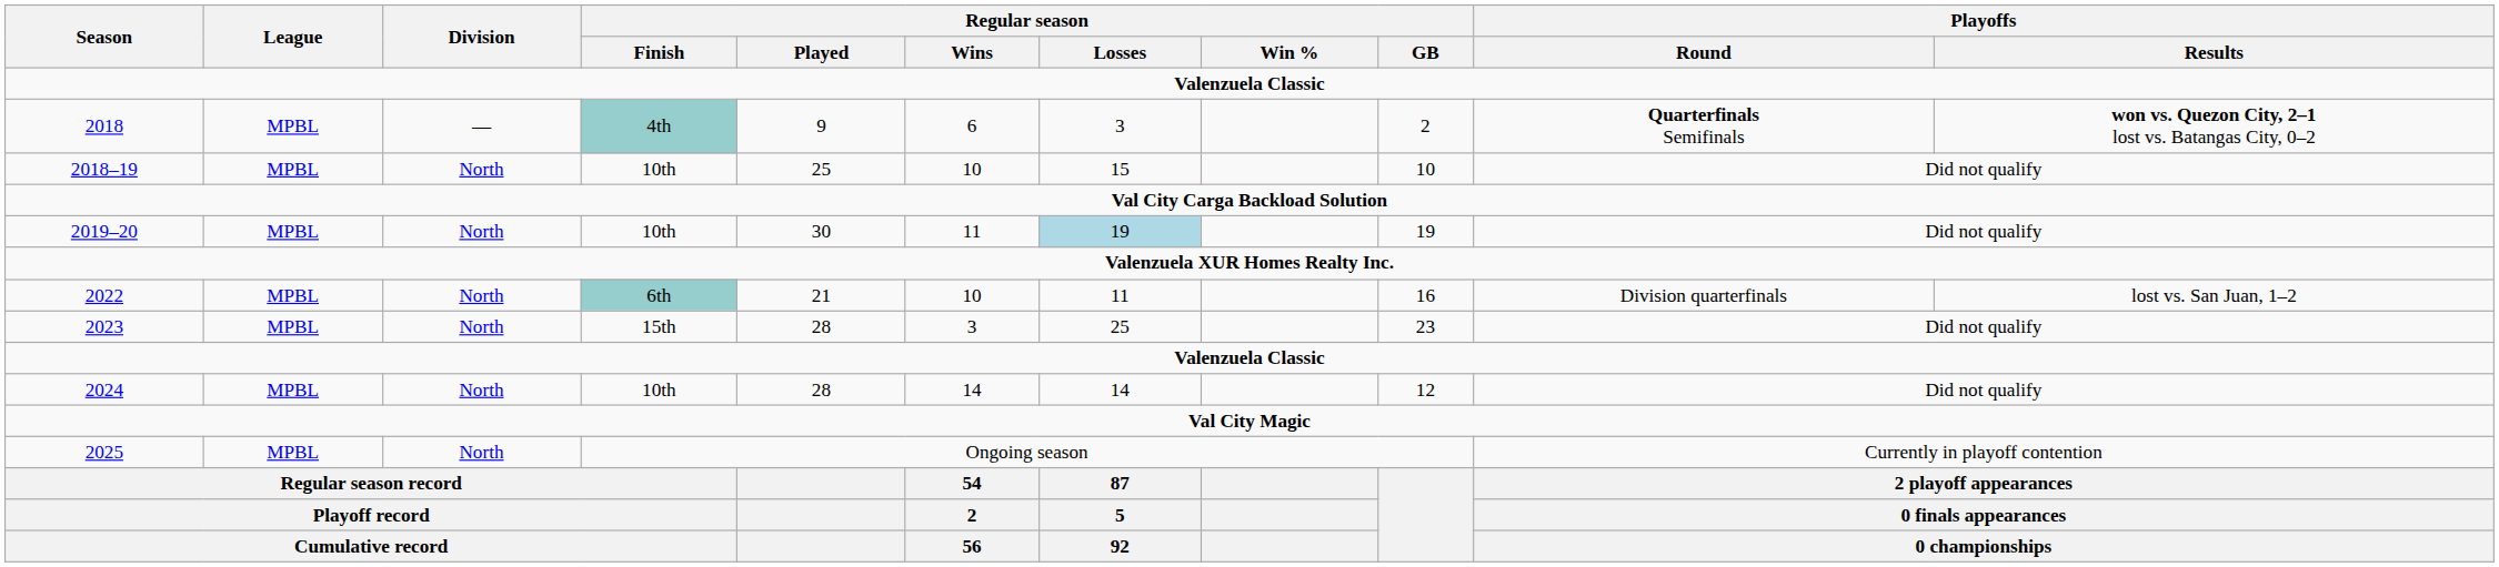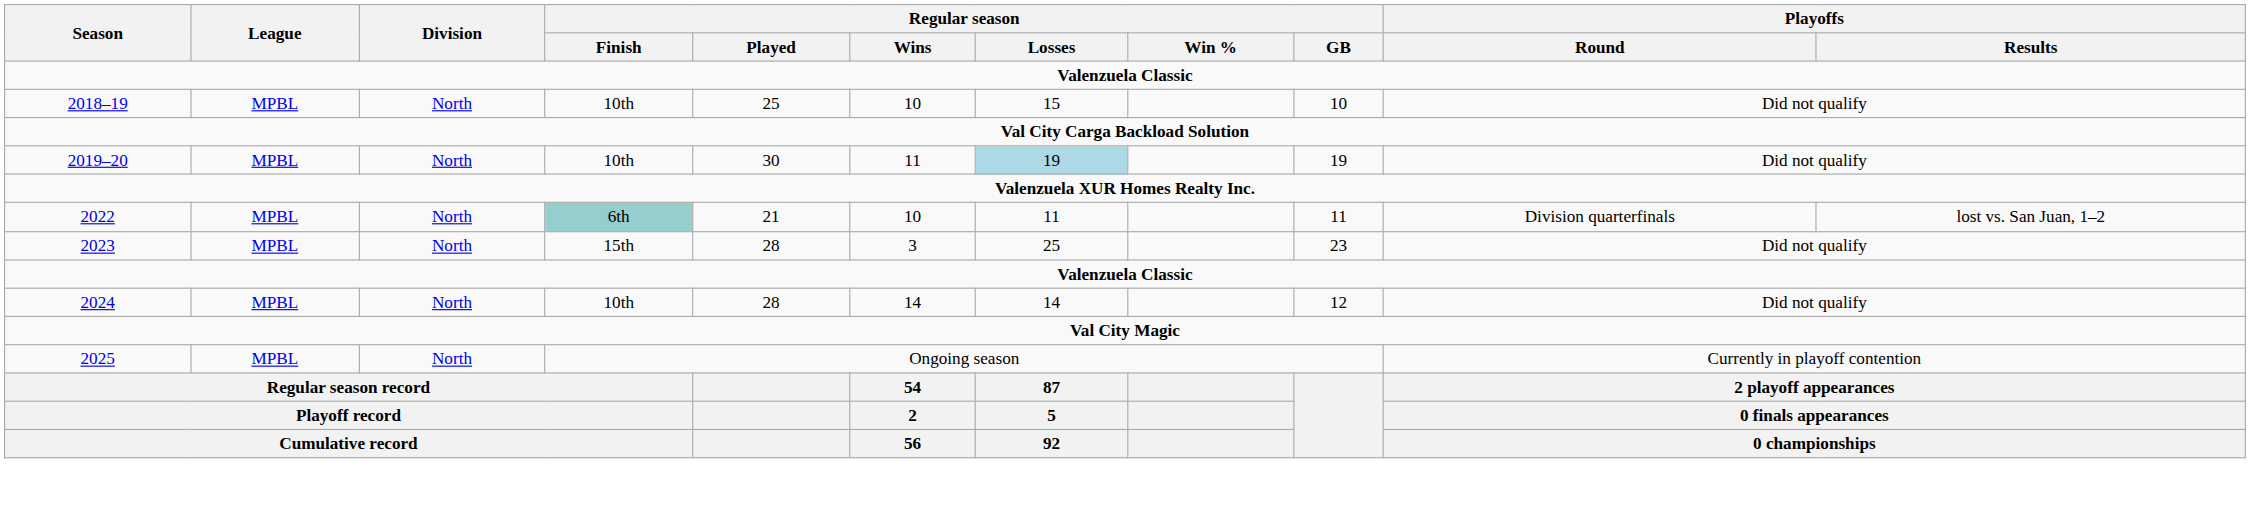 <table class="wikitable" style="width:100%; text-align:center; font-size:95%">
 <tr>
 <th rowspan=2>Season</th>
 <th rowspan=2>League</th>
 <th rowspan=2>Division</th>
 <th colspan=6>Regular season</th>
 <th colspan=2>Playoffs</th>
 </tr>
 <tr>
 <th>Finish</th>
 <th>Played</th>
 <th>Wins</th>
 <th>Losses</th>
 <th>Win %</th>
 <th>GB</th>
 <th>Round</th>
 <th>Results</th>
 </tr>
 <tr>
 <td align="center" colspan="11"><strong>Valenzuela Classic</strong></td>
-</tr>
-<tr>
-<td><a href='#'>2018</a></td>
-<td><a href='#'>MPBL</a></td>
-<td>—</td>
-<td bgcolor="#96CDCD">4th</td>
-<td>9</td>
-<td>6</td>
-<td>3</td>
-<td></td>
-<td>2</td>
-<td><strong>Quarterfinals</strong> <br> Semifinals</td>
-<td><strong>won vs. Quezon City, 2–1</strong> <br> lost vs. Batangas City, 0–2</td>
 </tr>
 <tr>
 <td><a href='#'>2018–19</a></td>
 <td><a href='#'>MPBL</a></td>
 <td><a href='#'>North</a></td>
 <td>10th</td>
 <td>25</td>
 <td>10</td>
 <td>15</td>
 <td></td>
 <td>10</td>
 <td colspan=2>Did not qualify</td>
 </tr>
 <tr>
 <td align="center" colspan="11"><strong>Val City Carga Backload Solution</strong></td>
 </tr>
 <tr>
 <td><a href='#'>2019–20</a></td>
 <td><a href='#'>MPBL</a></td>
 <td><a href='#'>North</a></td>
 <td>10th</td>
 <td>30</td>
 <td>11</td>
 <td style="background: lightblue;">19</td>
 <td></td>
 <td>19</td>
 <td colspan=2>Did not qualify</td>
 </tr>
 <tr>
 <td align="center" colspan="11"><strong>Valenzuela XUR Homes Realty Inc.</strong></td>
 </tr>
 <tr>
 <td><a href='#'>2022</a></td>
 <td><a href='#'>MPBL</a></td>
 <td><a href='#'>North</a></td>
 <td bgcolor="#96CDCD">6th</td>
 <td>21</td>
 <td>10</td>
 <td>11</td>
 <td></td>
-<td>16</td>
+<td>11</td>
 <td>Division quarterfinals</td>
 <td>lost vs. San Juan, 1–2</td>
 </tr>
 <tr>
 <td><a href='#'>2023</a></td>
 <td><a href='#'>MPBL</a></td>
 <td><a href='#'>North</a></td>
 <td>15th</td>
 <td>28</td>
 <td>3</td>
 <td>25</td>
 <td></td>
 <td>23</td>
 <td colspan=2>Did not qualify</td>
 </tr>
 <tr>
 <td align="center" colspan="11"><strong>Valenzuela Classic</strong></td>
 </tr>
 <tr>
 <td><a href='#'>2024</a></td>
 <td><a href='#'>MPBL</a></td>
 <td><a href='#'>North</a></td>
 <td>10th</td>
 <td>28</td>
 <td>14</td>
 <td>14</td>
 <td></td>
 <td>12</td>
 <td colspan=2>Did not qualify</td>
 </tr>
 <tr>
 <td align="center" colspan="11"><strong>Val City Magic</strong></td>
 </tr>
 <tr>
 <td><a href='#'>2025</a></td>
 <td><a href='#'>MPBL</a></td>
 <td><a href='#'>North</a></td>
 <td colspan=6>Ongoing season</td>
 <td colspan=2>Currently in playoff contention</td>
 </tr>
 <tr>
 <th colspan=4>Regular season record</th>
 <th></th>
 <th>54</th>
 <th>87</th>
 <th></th>
 <th rowspan=3></th>
 <th colspan=2>2 playoff appearances</th>
 </tr>
 <tr>
 <th colspan=4>Playoff record</th>
 <th></th>
 <th>2</th>
 <th>5</th>
 <th></th>
 <th colspan=2>0 finals appearances</th>
 </tr>
 <tr>
 <th colspan=4>Cumulative record</th>
 <th></th>
 <th>56</th>
 <th>92</th>
 <th></th>
 <th colspan=2>0 championships</th>
 </tr>
 </table>
